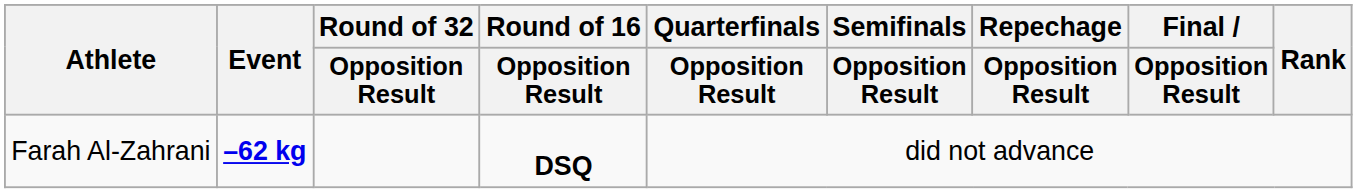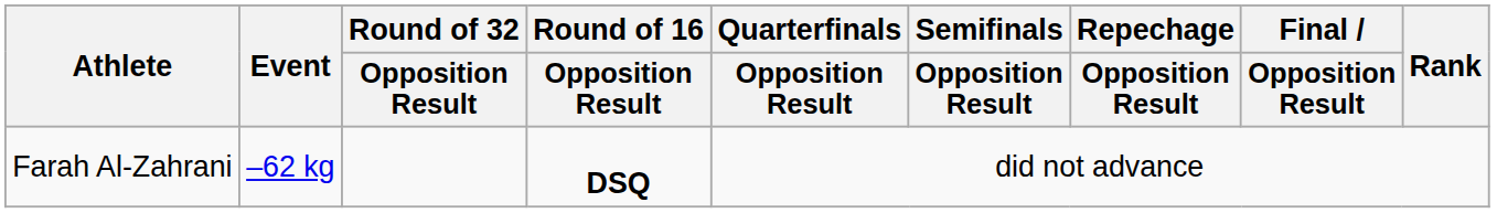 <table class=wikitable style=font-size:90%;text-align:center>
 <tr>
 <th rowspan="2">Athlete</th>
 <th rowspan="2">Event</th>
 <th>Round of 32</th>
 <th>Round of 16</th>
 <th>Quarterfinals</th>
 <th>Semifinals</th>
 <th>Repechage</th>
 <th>Final / </th>
 <th rowspan=2>Rank</th>
 </tr>
 <tr style="font-size:95%">
 <th>Opposition<br>Result</th>
 <th>Opposition<br>Result</th>
 <th>Opposition<br>Result</th>
 <th>Opposition<br>Result</th>
 <th>Opposition<br>Result</th>
 <th>Opposition<br>Result</th>
 </tr>
 <tr>
 <td align=left>Farah Al-Zahrani</td>
-<td align=left><strong><a href='#'>–62 kg</a></strong></td>
+<td align=left><a href='#'>–62 kg</a></td>
 <td></td>
 <td><br><strong>DSQ</strong></td>
 <td colspan=5>did not advance</td>
 </tr>
 </table>
